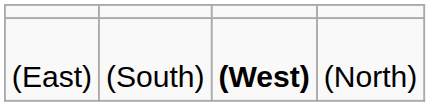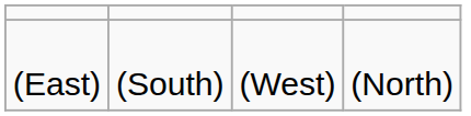 <table class="wikitable">
 <tr>
 <td></td>
 <td></td>
 <td></td>
 <td></td>
 </tr>
 <tr>
 <td><br>(East)</td>
 <td><br>(South)</td>
-<td><strong><br>(West)</strong></td>
+<td><br>(West)</td>
 <td><br>(North)</td>
 </tr>
 </table>
